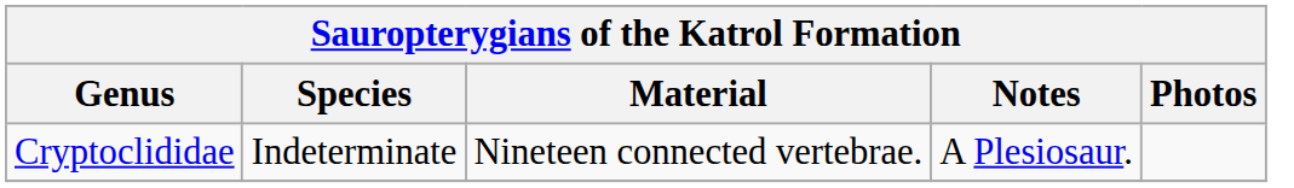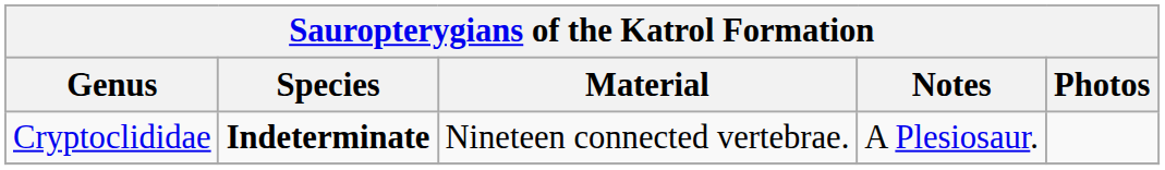 <table class="wikitable" align="center">
 <tr>
 <th colspan="5" align="center"><a href='#'>Sauropterygians</a> of the Katrol Formation</th>
 </tr>
 <tr>
 <th>Genus</th>
 <th>Species</th>
 <th>Material</th>
 <th>Notes</th>
 <th>Photos</th>
 </tr>
 <tr>
 <td><a href='#'>Cryptoclididae</a></td>
-<td>Indeterminate</td>
+<td><strong>Indeterminate</strong></td>
 <td>Nineteen connected vertebrae.</td>
 <td>A <a href='#'>Plesiosaur</a>.</td>
 <td></td>
 </tr>
 <tr>
 </tr>
 </table>
